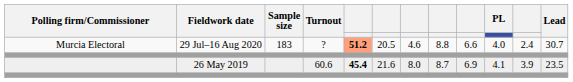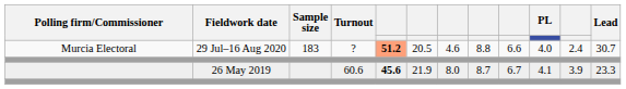 <table class="wikitable collapsible collapsed" style="text-align:center; font-size:95%; line-height:16px;">
 <tr style="height:42px;">
 <th style="width:250px;" rowspan="2">Polling firm/Commissioner</th>
 <th style="width:125px;" rowspan="2">Fieldwork date</th>
 <th style="width:50px;" rowspan="2">Sample size</th>
 <th style="width:45px;" rowspan="2">Turnout</th>
 <th style="width:35px;"></th>
 <th style="width:35px;"></th>
 <th style="width:35px;"></th>
 <th style="width:35px;"></th>
 <th style="width:35px;"></th>
 <th style="width:35px;">PL</th>
 <th style="width:35px;"></th>
 <th style="width:30px;" rowspan="2">Lead</th>
 </tr>
 <tr>
 <th style="color:inherit;background:"></th>
 <th style="color:inherit;background:"></th>
 <th style="color:inherit;background:"></th>
 <th style="color:inherit;background:"></th>
 <th style="color:inherit;background:"></th>
 <th style="color:inherit;background:#374DA2;"></th>
 <th style="color:inherit;background:"></th>
 </tr>
 <tr>
 <td>Murcia Electoral</td>
 <td>29 Jul–16 Aug 2020</td>
 <td>183</td>
 <td>?</td>
 <td style="background: lightsalmon;"><strong>51.2</strong><br></td>
 <td>20.5<br></td>
 <td>4.6<br></td>
 <td>8.8<br></td>
 <td>6.6<br></td>
 <td>4.0<br></td>
 <td>2.4<br></td>
 <td style="background:">30.7</td>
 </tr>
 <tr>
 <td colspan="12" style="background:#A0A0A0"></td>
 </tr>
 <tr style="background:#EFEFEF;">
 <td><strong></strong></td>
 <td>26 May 2019</td>
 <td></td>
 <td>60.6</td>
-<td><strong>45.4</strong><br></td>
-<td>21.6<br></td>
+<td><strong>45.6</strong><br></td>
+<td>21.9<br></td>
 <td>8.0<br></td>
 <td>8.7<br></td>
-<td>6.9<br></td>
+<td>6.7<br></td>
 <td>4.1<br></td>
 <td>3.9<br></td>
-<td style="background:">23.5</td>
+<td style="background:">23.3</td>
 </tr>
 <tr>
 <td colspan="12" style="background:#A0A0A0"></td>
 </tr>
 </table>
